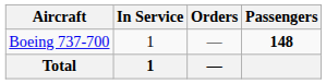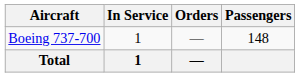 <table class="wikitable" style="margin:1em auto; border-collapse:collapse;text-align:center">
 <tr>
 <th>Aircraft</th>
 <th>In Service</th>
 <th>Orders</th>
 <th>Passengers</th>
 </tr>
 <tr>
 <td><a href='#'>Boeing 737-700</a></td>
 <td>1</td>
 <td>—</td>
-<td><strong>148</strong></td>
+<td>148</td>
 </tr>
 <tr>
 <th>Total</th>
 <th>1</th>
 <th>—</th>
 <th colspan=2></th>
 </tr>
 </table>
